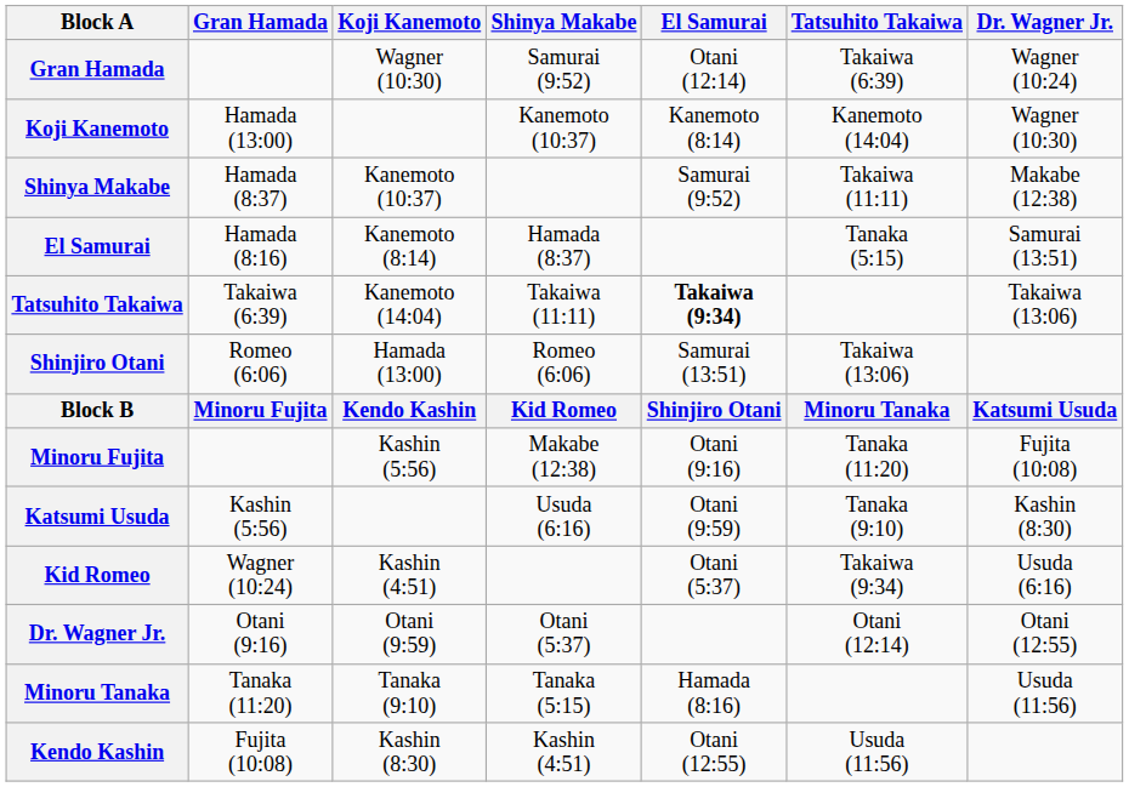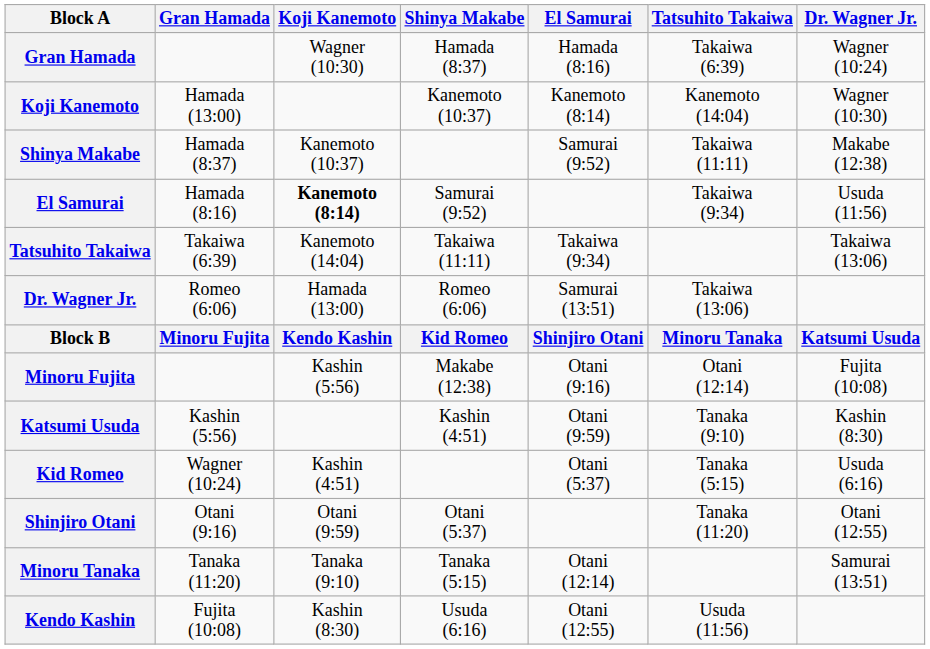 <table class="wikitable" style="margin: 1em auto 1em auto">
 <tr align="center">
 <th>Block A</th>
 <th><a href='#'>Gran Hamada</a></th>
 <th><a href='#'>Koji Kanemoto</a></th>
 <th><a href='#'>Shinya Makabe</a></th>
 <th><a href='#'>El Samurai</a></th>
 <th><a href='#'>Tatsuhito Takaiwa</a></th>
 <th><a href='#'>Dr. Wagner Jr.</a></th>
 </tr>
 <tr align="center">
 <th><a href='#'>Gran Hamada</a></th>
 <td></td>
 <td>Wagner<br>(10:30)</td>
-<td>Samurai<br>(9:52)</td>
-<td>Otani<br>(12:14)</td>
+<td>Hamada<br>(8:37)</td>
+<td>Hamada<br>(8:16)</td>
 <td>Takaiwa<br>(6:39)</td>
 <td>Wagner<br>(10:24)</td>
 </tr>
 <tr align="center">
 <th><a href='#'>Koji Kanemoto</a></th>
 <td>Hamada<br>(13:00)</td>
 <td></td>
 <td>Kanemoto<br>(10:37)</td>
 <td>Kanemoto<br>(8:14)</td>
 <td>Kanemoto<br>(14:04)</td>
 <td>Wagner<br>(10:30)</td>
 </tr>
 <tr align="center">
 <th><a href='#'>Shinya Makabe</a></th>
 <td>Hamada<br>(8:37)</td>
 <td>Kanemoto<br>(10:37)</td>
 <td></td>
 <td>Samurai<br>(9:52)</td>
 <td>Takaiwa<br>(11:11)</td>
 <td>Makabe<br>(12:38)</td>
 </tr>
 <tr align="center">
 <th><a href='#'>El Samurai</a></th>
 <td>Hamada<br>(8:16)</td>
-<td>Kanemoto<br>(8:14)</td>
-<td>Hamada<br>(8:37)</td>
+<td><strong>Kanemoto<br>(8:14)</strong></td>
+<td>Samurai<br>(9:52)</td>
 <td></td>
-<td>Tanaka<br>(5:15)</td>
-<td>Samurai<br>(13:51)</td>
+<td>Takaiwa<br>(9:34)</td>
+<td>Usuda<br>(11:56)</td>
 </tr>
 <tr align="center">
 <th><a href='#'>Tatsuhito Takaiwa</a></th>
 <td>Takaiwa<br>(6:39)</td>
 <td>Kanemoto<br>(14:04)</td>
 <td>Takaiwa<br>(11:11)</td>
-<td><strong>Takaiwa<br>(9:34)</strong></td>
+<td>Takaiwa<br>(9:34)</td>
 <td></td>
 <td>Takaiwa<br>(13:06)</td>
 </tr>
 <tr align="center">
-<th><a href='#'>Shinjiro Otani</a></th>
+<th><a href='#'>Dr. Wagner Jr.</a></th>
 <td>Romeo<br>(6:06)</td>
 <td>Hamada<br>(13:00)</td>
 <td>Romeo<br>(6:06)</td>
 <td>Samurai<br>(13:51)</td>
 <td>Takaiwa<br>(13:06)</td>
 <td></td>
 </tr>
 <tr align="center">
 <th>Block B</th>
 <th><a href='#'>Minoru Fujita</a></th>
 <th><a href='#'>Kendo Kashin</a></th>
 <th><a href='#'>Kid Romeo</a></th>
 <th><a href='#'>Shinjiro Otani</a></th>
 <th><a href='#'>Minoru Tanaka</a></th>
 <th><a href='#'>Katsumi Usuda</a></th>
 </tr>
 <tr align="center">
 <th><a href='#'>Minoru Fujita</a></th>
 <td></td>
 <td>Kashin<br>(5:56)</td>
 <td>Makabe<br>(12:38)</td>
 <td>Otani<br>(9:16)</td>
-<td>Tanaka<br>(11:20)</td>
+<td>Otani<br>(12:14)</td>
 <td>Fujita<br>(10:08)</td>
 </tr>
 <tr align="center">
 <th><a href='#'>Katsumi Usuda</a></th>
 <td>Kashin<br>(5:56)</td>
 <td></td>
-<td>Usuda<br>(6:16)</td>
+<td>Kashin<br>(4:51)</td>
 <td>Otani<br>(9:59)</td>
 <td>Tanaka<br>(9:10)</td>
 <td>Kashin<br>(8:30)</td>
 </tr>
 <tr align="center">
 <th><a href='#'>Kid Romeo</a></th>
 <td>Wagner<br>(10:24)</td>
 <td>Kashin<br>(4:51)</td>
 <td></td>
 <td>Otani<br>(5:37)</td>
-<td>Takaiwa<br>(9:34)</td>
+<td>Tanaka<br>(5:15)</td>
 <td>Usuda<br>(6:16)</td>
 </tr>
 <tr align="center">
-<th><a href='#'>Dr. Wagner Jr.</a></th>
+<th><a href='#'>Shinjiro Otani</a></th>
 <td>Otani<br>(9:16)</td>
 <td>Otani<br>(9:59)</td>
 <td>Otani<br>(5:37)</td>
 <td></td>
-<td>Otani<br>(12:14)</td>
+<td>Tanaka<br>(11:20)</td>
 <td>Otani<br>(12:55)</td>
 </tr>
 <tr align="center">
 <th><a href='#'>Minoru Tanaka</a></th>
 <td>Tanaka<br>(11:20)</td>
 <td>Tanaka<br>(9:10)</td>
 <td>Tanaka<br>(5:15)</td>
-<td>Hamada<br>(8:16)</td>
+<td>Otani<br>(12:14)</td>
 <td></td>
-<td>Usuda<br>(11:56)</td>
+<td>Samurai<br>(13:51)</td>
 </tr>
 <tr align="center">
 <th><a href='#'>Kendo Kashin</a></th>
 <td>Fujita<br>(10:08)</td>
 <td>Kashin<br>(8:30)</td>
-<td>Kashin<br>(4:51)</td>
+<td>Usuda<br>(6:16)</td>
 <td>Otani<br>(12:55)</td>
 <td>Usuda<br>(11:56)</td>
 <td></td>
 </tr>
 </table>
